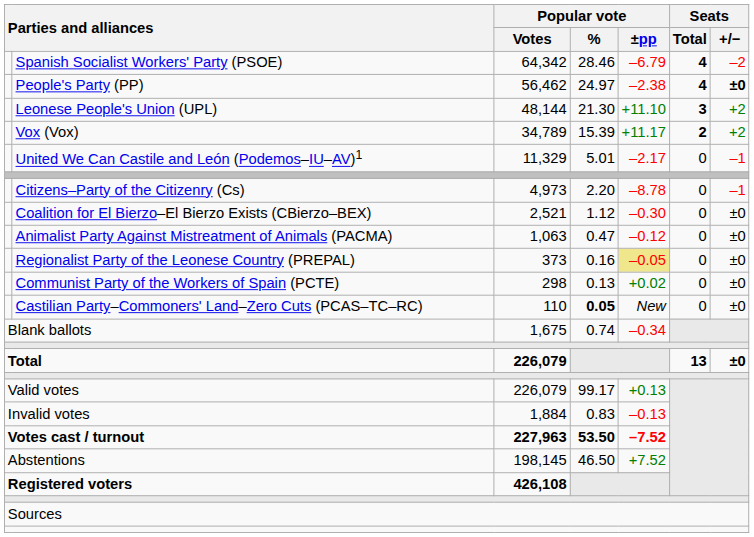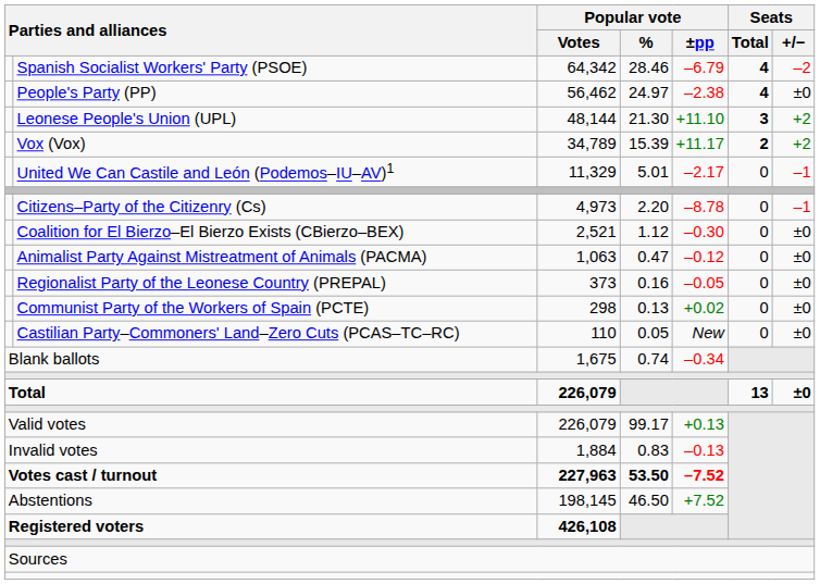 <table class="wikitable" style="text-align:right;">
 <tr>
 <th style="text-align:left;" rowspan="2" colspan="2" width="525">Parties and alliances</th>
 <th colspan="3">Popular vote</th>
 <th colspan="2">Seats</th>
 </tr>
 <tr>
 <th width="75">Votes</th>
 <th width="45">%</th>
 <th width="45">±<a href='#'>pp</a></th>
 <th width="35">Total</th>
 <th width="35">+/−</th>
 </tr>
 <tr>
 <td width="1" style="color:inherit;background:"></td>
 <td align="left"><a href='#'>Spanish Socialist Workers' Party</a> (PSOE)</td>
 <td>64,342</td>
 <td>28.46</td>
 <td style="color:red;">–6.79</td>
 <td><strong>4</strong></td>
 <td style="color:red;">–2</td>
 </tr>
 <tr>
 <td style="color:inherit;background:"></td>
 <td align="left"><a href='#'>People's Party</a> (PP)</td>
 <td>56,462</td>
 <td>24.97</td>
 <td style="color:red;">–2.38</td>
 <td><strong>4</strong></td>
-<td><strong>±0</strong></td>
+<td>±0</td>
 </tr>
 <tr>
 <td style="color:inherit;background:"></td>
 <td align="left"><a href='#'>Leonese People's Union</a> (UPL)</td>
 <td>48,144</td>
 <td>21.30</td>
 <td style="color:green;">+11.10</td>
 <td><strong>3</strong></td>
 <td style="color:green;">+2</td>
 </tr>
 <tr>
 <td style="color:inherit;background:"></td>
 <td align="left"><a href='#'>Vox</a> (Vox)</td>
 <td>34,789</td>
 <td>15.39</td>
 <td style="color:green;">+11.17</td>
 <td><strong>2</strong></td>
 <td style="color:green;">+2</td>
 </tr>
 <tr>
 <td style="color:inherit;background:"></td>
 <td align="left"><a href='#'>United We Can Castile and León</a> (<a href='#'>Podemos</a>–<a href='#'>IU</a>–<a href='#'>AV</a>)<sup>1</sup></td>
 <td>11,329</td>
 <td>5.01</td>
 <td style="color:red;">–2.17</td>
 <td>0</td>
 <td style="color:red;">–1</td>
 </tr>
 <tr>
 <td colspan="7" bgcolor="#C0C0C0"></td>
 </tr>
 <tr>
 <td style="color:inherit;background:"></td>
 <td align="left"><a href='#'>Citizens–Party of the Citizenry</a> (Cs)</td>
 <td>4,973</td>
 <td>2.20</td>
 <td style="color:red;">–8.78</td>
 <td>0</td>
 <td style="color:red;">–1</td>
 </tr>
 <tr>
 <td style="color:inherit;background:"></td>
 <td align="left"><a href='#'>Coalition for El Bierzo</a>–El Bierzo Exists (CBierzo–BEX)</td>
 <td>2,521</td>
 <td>1.12</td>
 <td style="color:red;">–0.30</td>
 <td>0</td>
 <td>±0</td>
 </tr>
 <tr>
 <td style="color:inherit;background:"></td>
 <td align="left"><a href='#'>Animalist Party Against Mistreatment of Animals</a> (PACMA)</td>
 <td>1,063</td>
 <td>0.47</td>
 <td style="color:red;">–0.12</td>
 <td>0</td>
 <td>±0</td>
 </tr>
 <tr>
 <td style="color:inherit;background:"></td>
 <td align="left"><a href='#'>Regionalist Party of the Leonese Country</a> (PREPAL)</td>
 <td>373</td>
 <td>0.16</td>
-<td style="background: khaki; color:red;">–0.05</td>
+<td style="color:red;">–0.05</td>
 <td>0</td>
 <td>±0</td>
 </tr>
 <tr>
 <td style="color:inherit;background:"></td>
 <td align="left"><a href='#'>Communist Party of the Workers of Spain</a> (PCTE)</td>
 <td>298</td>
 <td>0.13</td>
 <td style="color:green;">+0.02</td>
 <td>0</td>
 <td>±0</td>
 </tr>
 <tr>
 <td style="color:inherit;background:"></td>
 <td align="left"><a href='#'>Castilian Party</a>–<a href='#'>Commoners' Land</a>–<a href='#'>Zero Cuts</a> (PCAS–TC–RC)</td>
 <td>110</td>
-<td><strong>0.05</strong></td>
+<td>0.05</td>
 <td><em>New</em></td>
 <td>0</td>
 <td>±0</td>
 </tr>
 <tr>
 <td align="left" colspan="2">Blank ballots</td>
 <td>1,675</td>
 <td>0.74</td>
 <td style="color:red;">–0.34</td>
 <td bgcolor="#E9E9E9" colspan="2"></td>
 </tr>
 <tr>
 <td colspan="7" bgcolor="#E9E9E9"></td>
 </tr>
 <tr style="font-weight:bold;">
 <td align="left" colspan="2">Total</td>
 <td>226,079</td>
 <td bgcolor="#E9E9E9" colspan="2"></td>
 <td>13</td>
 <td>±0</td>
 </tr>
 <tr>
 <td colspan="7" bgcolor="#E9E9E9"></td>
 </tr>
 <tr>
 <td align="left" colspan="2">Valid votes</td>
 <td>226,079</td>
 <td>99.17</td>
 <td style="color:green;">+0.13</td>
 <td bgcolor="#E9E9E9" colspan="2" rowspan="5"></td>
 </tr>
 <tr>
 <td align="left" colspan="2">Invalid votes</td>
 <td>1,884</td>
 <td>0.83</td>
 <td style="color:red;">–0.13</td>
 </tr>
 <tr style="font-weight:bold;">
 <td align="left" colspan="2">Votes cast / turnout</td>
 <td>227,963</td>
 <td>53.50</td>
 <td style="color:red;">–7.52</td>
 </tr>
 <tr>
 <td align="left" colspan="2">Abstentions</td>
 <td>198,145</td>
 <td>46.50</td>
 <td style="color:green;">+7.52</td>
 </tr>
 <tr style="font-weight:bold;">
 <td align="left" colspan="2">Registered voters</td>
 <td>426,108</td>
 <td bgcolor="#E9E9E9" colspan="2"></td>
 </tr>
 <tr>
 <td colspan="7" bgcolor="#E9E9E9"></td>
 </tr>
 <tr>
 <td align="left" colspan="7">Sources</td>
 </tr>
 <tr>
 <td colspan="7" style="text-align:left; max-width:790px;"></td>
 </tr>
 </table>
